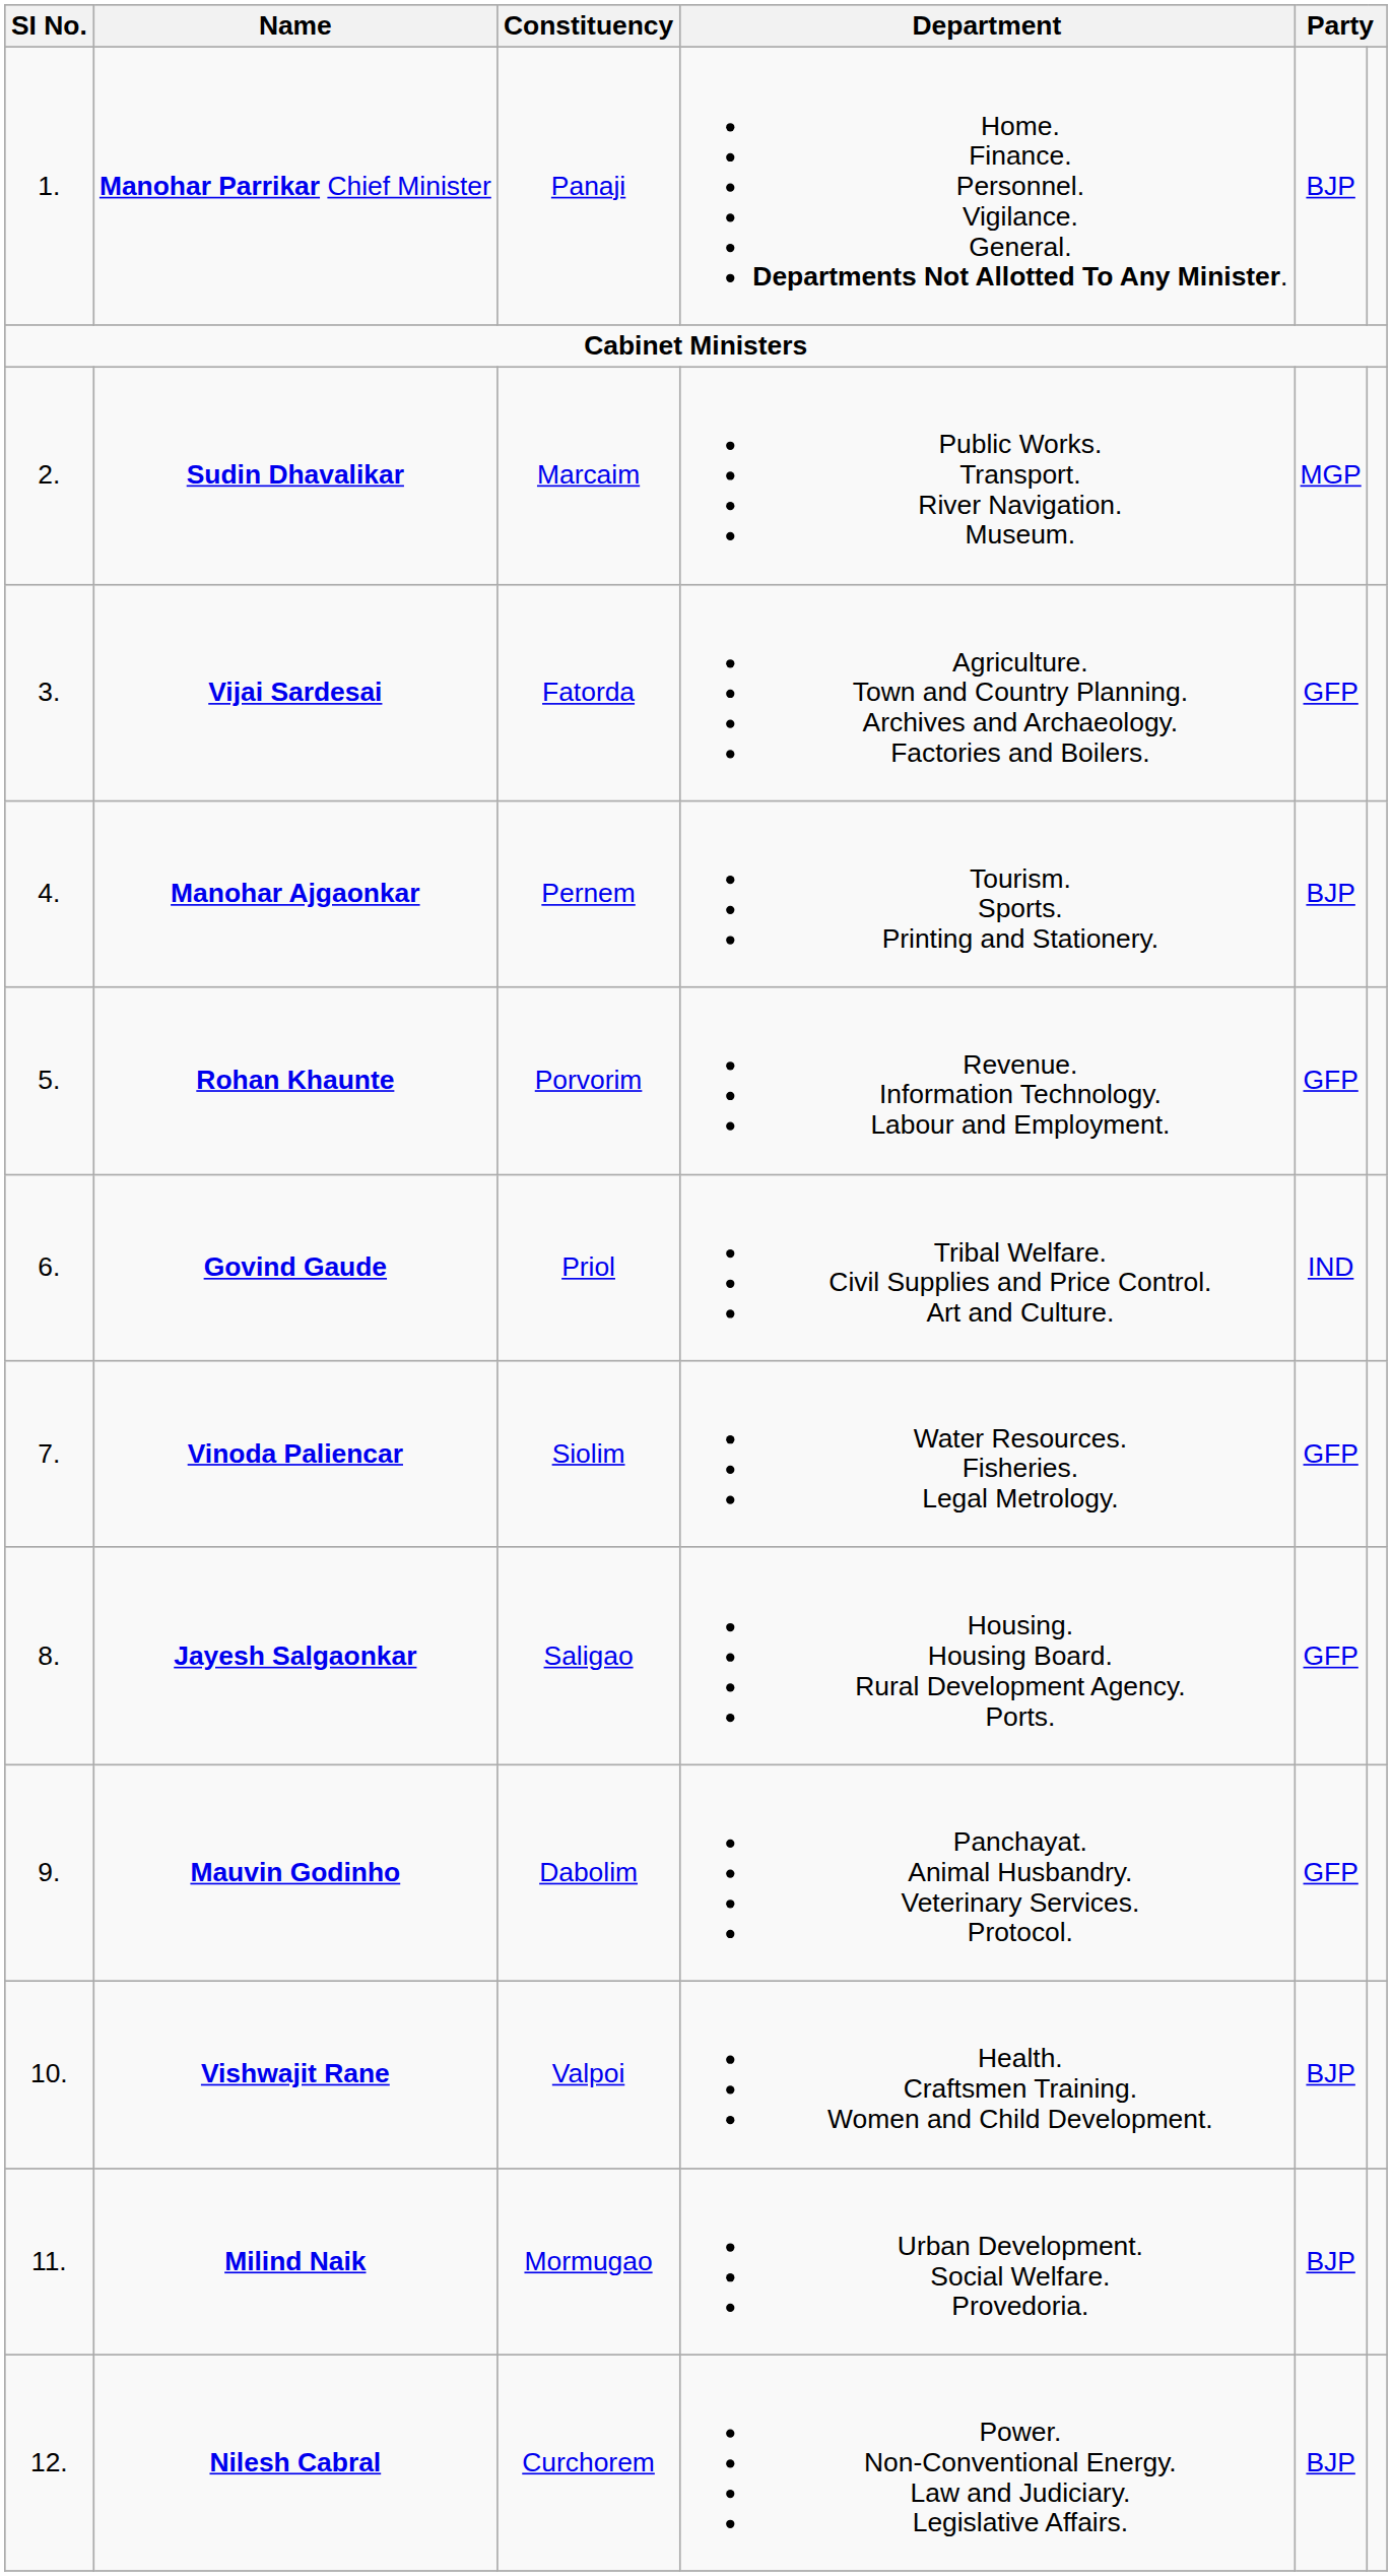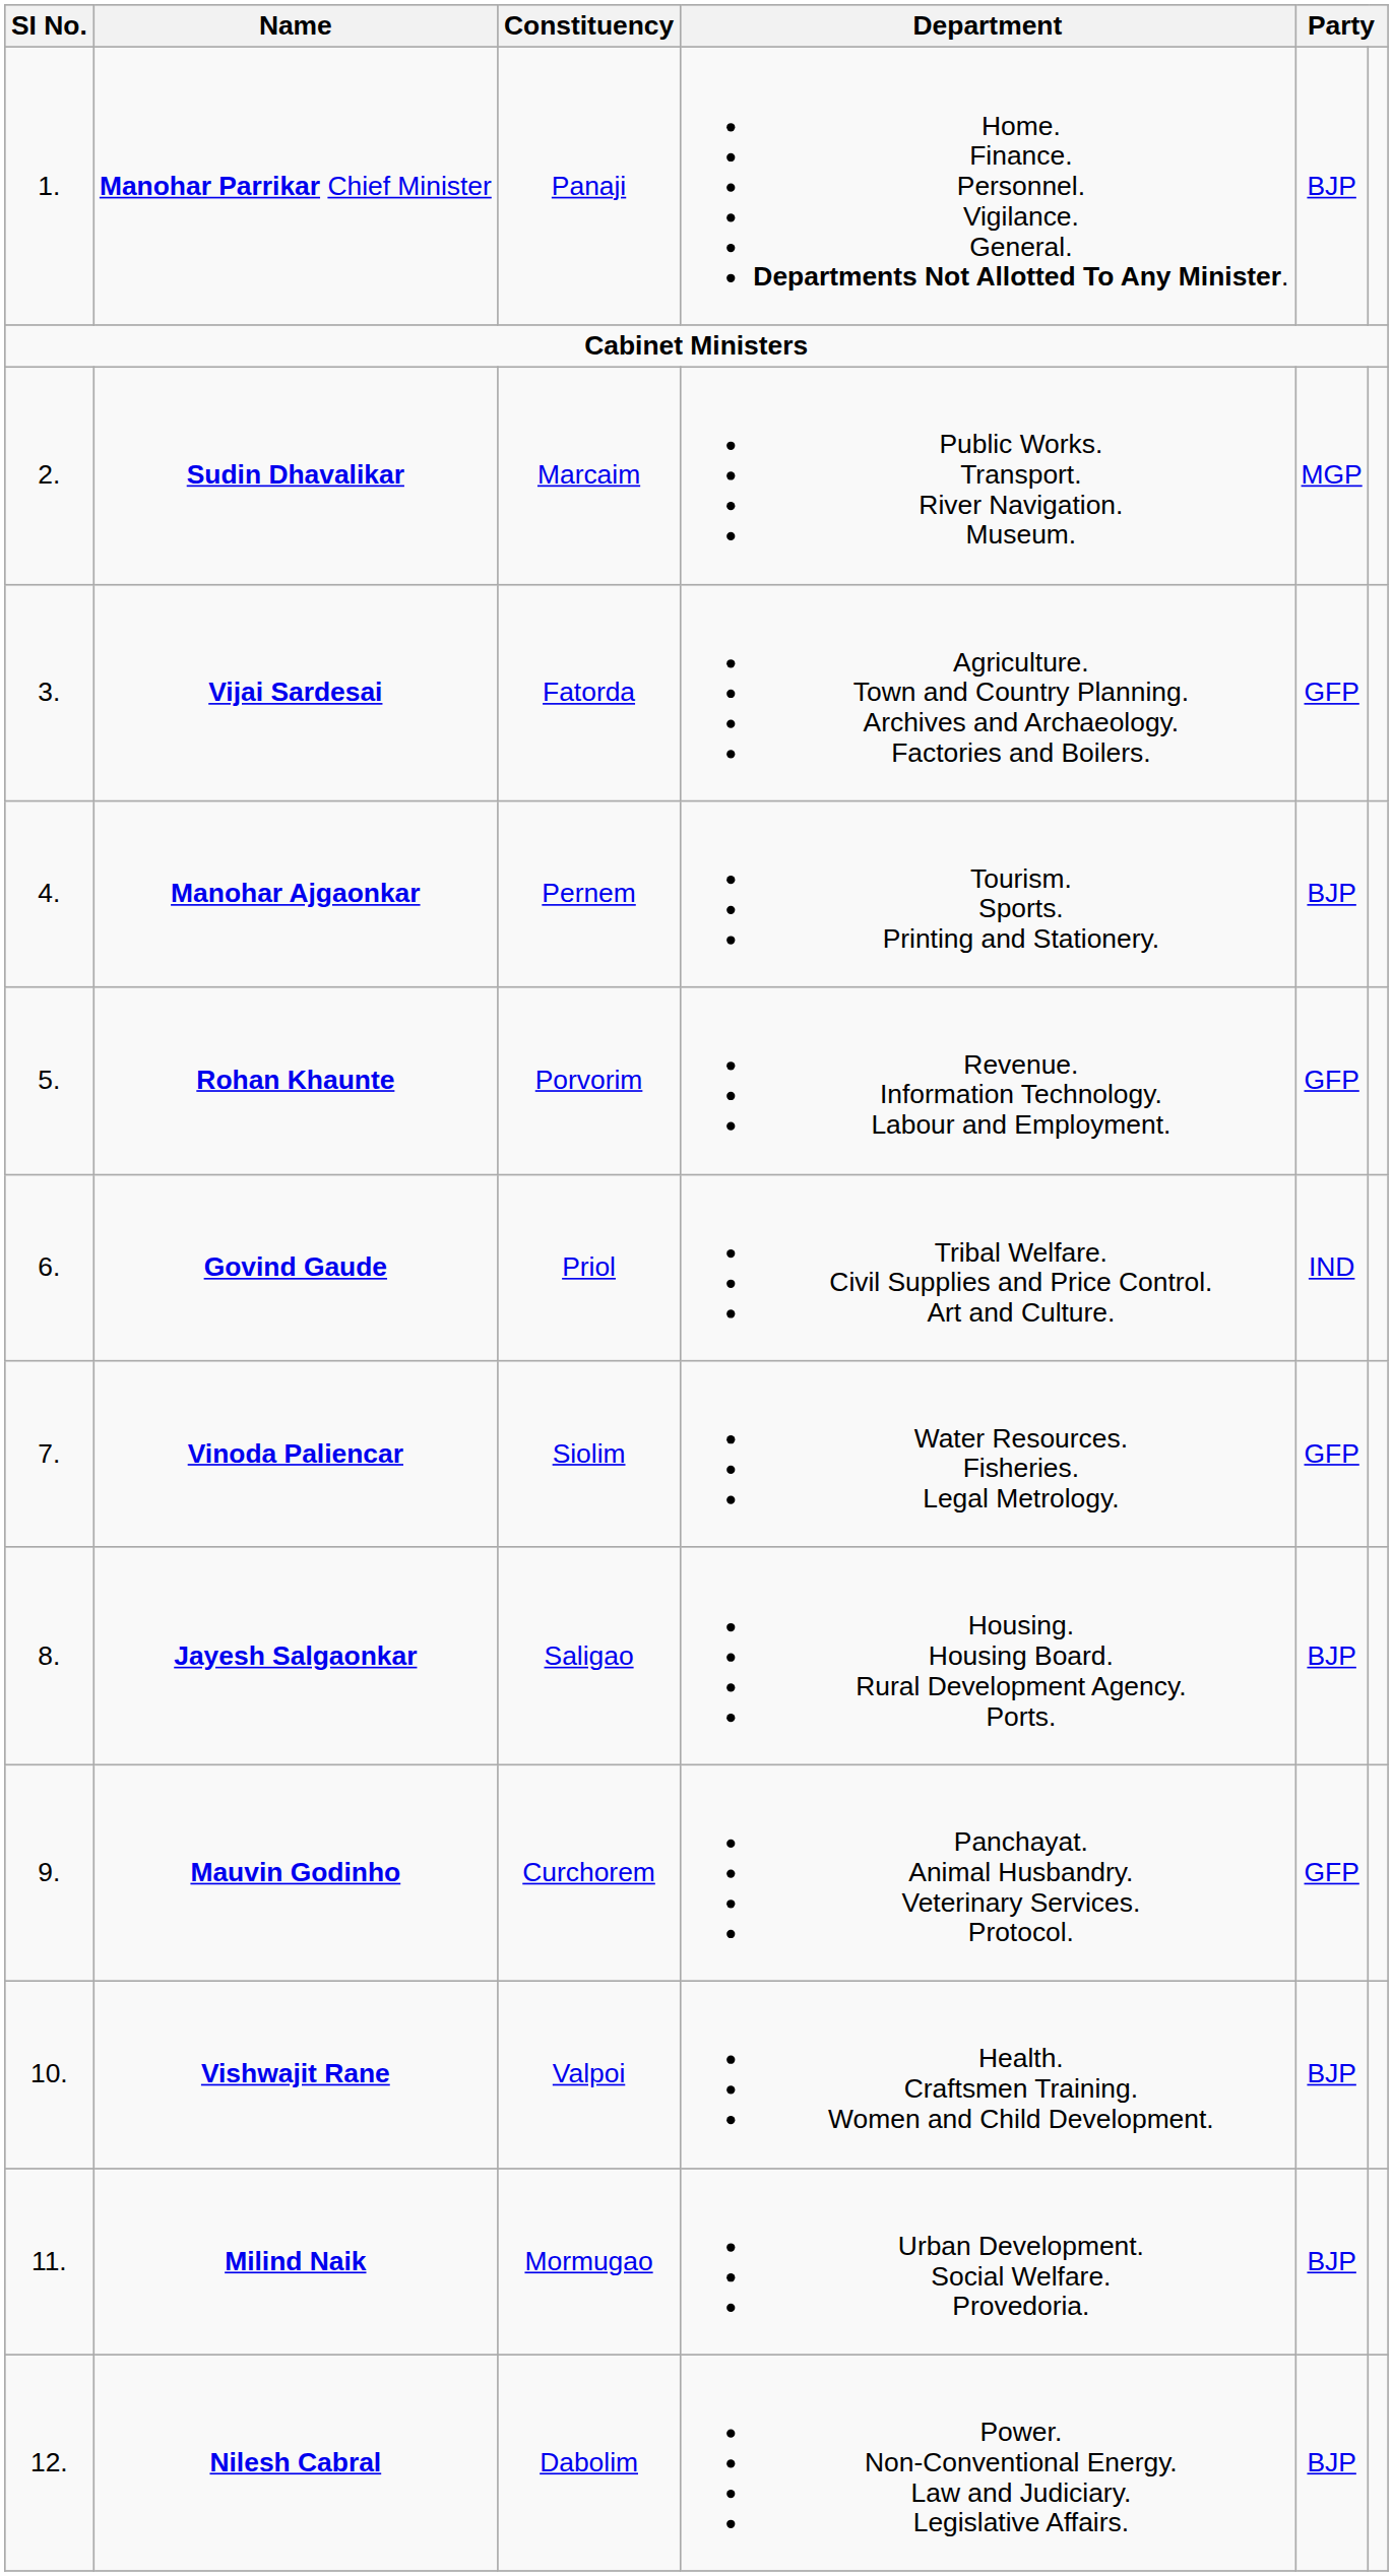 <table class = "wikitable">
 <tr>
 <th>SI No.</th>
 <th>Name</th>
 <th>Constituency</th>
 <th>Department</th>
 <th colspan="2" scope="col">Party</th>
 </tr>
 <tr style="text-align:center; height:60px;">
 <td>1.</td>
 <td><strong><a href='#'>Manohar Parrikar</a></strong> <a href='#'>Chief Minister</a></td>
 <td><a href='#'>Panaji</a></td>
 <td><br><ul><li>Home.</li><li>Finance.</li><li>Personnel.</li><li>Vigilance.</li><li>General.</li><li><strong>Departments Not Allotted To Any Minister</strong>.</li></ul></td>
 <td><a href='#'>BJP</a></td>
 <td width="4px" style="background-color: "></td>
 </tr>
 <tr>
 <td style="text-align: center;" colspan=6><strong>Cabinet Ministers</strong></td>
 </tr>
 <tr style="text-align:center; height:60px;">
 <td>2.</td>
 <td><strong><a href='#'>Sudin Dhavalikar</a></strong></td>
 <td><a href='#'>Marcaim</a></td>
 <td><br><ul><li>Public Works.</li><li>Transport.</li><li>River Navigation.</li><li>Museum.</li></ul></td>
 <td><a href='#'>MGP</a></td>
 <td width="4px" style="background-color: "></td>
 </tr>
 <tr style="text-align:center; height:60px;">
 <td>3.</td>
 <td><strong><a href='#'>Vijai Sardesai</a></strong></td>
 <td><a href='#'>Fatorda</a></td>
 <td><br><ul><li>Agriculture.</li><li>Town and Country Planning.</li><li>Archives and Archaeology.</li><li>Factories and Boilers.</li></ul></td>
 <td><a href='#'>GFP</a></td>
 <td width="4px" style="background-color: "></td>
 </tr>
 <tr style="text-align:center; height:60px;">
 <td>4.</td>
 <td><strong><a href='#'>Manohar Ajgaonkar</a></strong></td>
 <td><a href='#'>Pernem</a></td>
 <td><br><ul><li>Tourism.</li><li>Sports.</li><li>Printing and Stationery.</li></ul></td>
 <td><a href='#'>BJP</a></td>
 <td width="4px" style="background-color: "></td>
 </tr>
 <tr style="text-align:center; height:60px;">
 <td>5.</td>
 <td><strong><a href='#'>Rohan Khaunte</a></strong></td>
 <td><a href='#'>Porvorim</a></td>
 <td><br><ul><li>Revenue.</li><li>Information Technology.</li><li>Labour and Employment.</li></ul></td>
 <td><a href='#'>GFP</a></td>
 <td width="4px" style="background-color: "></td>
 </tr>
 <tr style="text-align:center; height:60px;">
 <td>6.</td>
 <td><strong><a href='#'>Govind Gaude</a></strong></td>
 <td><a href='#'>Priol</a></td>
 <td><br><ul><li>Tribal Welfare.</li><li>Civil Supplies and Price Control.</li><li>Art and Culture.</li></ul></td>
 <td><a href='#'>IND</a></td>
 <td width="4px" style="background-color: "></td>
 </tr>
 <tr style="text-align:center; height:60px;">
 <td>7.</td>
 <td><strong><a href='#'>Vinoda Paliencar</a></strong></td>
 <td><a href='#'>Siolim</a></td>
 <td><br><ul><li>Water Resources.</li><li>Fisheries.</li><li>Legal Metrology.</li></ul></td>
 <td><a href='#'>GFP</a></td>
 <td width="4px" style="background-color: "></td>
 </tr>
 <tr style="text-align:center; height:60px;">
 <td>8.</td>
 <td><strong><a href='#'>Jayesh Salgaonkar</a></strong></td>
 <td><a href='#'>Saligao</a></td>
 <td><br><ul><li>Housing.</li><li>Housing Board.</li><li>Rural Development Agency.</li><li>Ports.</li></ul></td>
-<td><a href='#'>GFP</a></td>
+<td><a href='#'>BJP</a></td>
 <td width="4px" style="background-color: "></td>
 </tr>
 <tr style="text-align:center; height:60px;">
 <td>9.</td>
 <td><strong><a href='#'>Mauvin Godinho</a></strong></td>
-<td><a href='#'>Dabolim</a></td>
+<td><a href='#'>Curchorem</a></td>
 <td><br><ul><li>Panchayat.</li><li>Animal Husbandry.</li><li>Veterinary Services.</li><li>Protocol.</li></ul></td>
 <td><a href='#'>GFP</a></td>
 <td width="4px" style="background-color: "></td>
 </tr>
 <tr style="text-align:center; height:60px;">
 <td>10.</td>
 <td><strong><a href='#'>Vishwajit Rane</a></strong></td>
 <td><a href='#'>Valpoi</a></td>
 <td><br><ul><li>Health.</li><li>Craftsmen Training.</li><li>Women and Child Development.</li></ul></td>
 <td><a href='#'>BJP</a></td>
 <td width="4px" style="background-color: "></td>
 </tr>
 <tr style="text-align:center; height:60px;">
 <td>11.</td>
 <td><strong><a href='#'>Milind Naik</a></strong></td>
 <td><a href='#'>Mormugao</a></td>
 <td><br><ul><li>Urban Development.</li><li>Social Welfare.</li><li>Provedoria.</li></ul></td>
 <td><a href='#'>BJP</a></td>
 <td width="4px" style="background-color: "></td>
 </tr>
 <tr style="text-align:center; height:60px;">
 <td>12.</td>
 <td><strong><a href='#'>Nilesh Cabral</a></strong></td>
-<td><a href='#'>Curchorem</a></td>
+<td><a href='#'>Dabolim</a></td>
 <td><br><ul><li>Power.</li><li>Non-Conventional Energy.</li><li>Law and Judiciary.</li><li>Legislative Affairs.</li></ul></td>
 <td><a href='#'>BJP</a></td>
 <td width="4px" style="background-color: "></td>
 </tr>
 </table>
